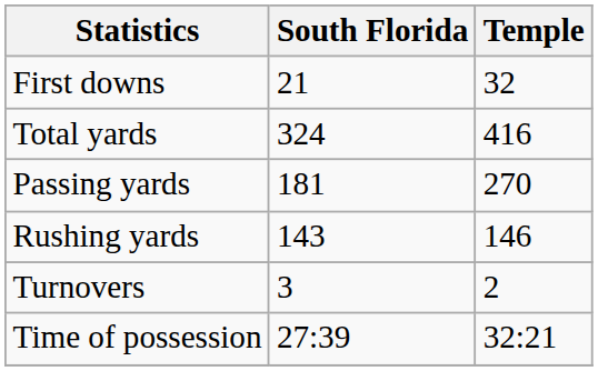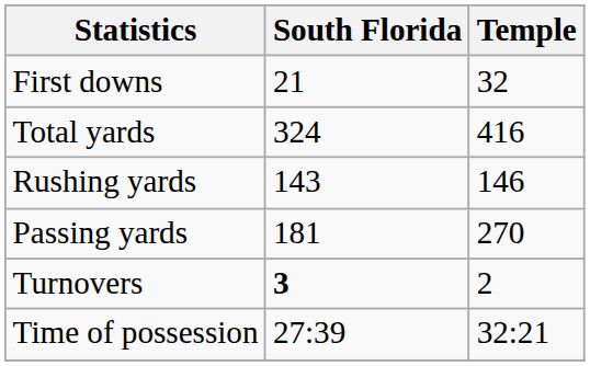 <table class="wikitable">
 <tr>
 <th>Statistics</th>
 <th>South Florida</th>
 <th>Temple</th>
 </tr>
 <tr>
 <td>First downs</td>
 <td>21</td>
 <td>32</td>
 </tr>
 <tr>
 <td>Total yards</td>
 <td>324</td>
 <td>416</td>
 </tr>
 <tr>
+<td>Rushing yards</td>
+<td>143</td>
+<td>146</td>
+</tr>
+<tr>
 <td>Passing yards</td>
 <td>181</td>
 <td>270</td>
 </tr>
 <tr>
-<td>Rushing yards</td>
-<td>143</td>
-<td>146</td>
-</tr>
-<tr>
 <td>Turnovers</td>
-<td>3</td>
+<td><strong>3</strong></td>
 <td>2</td>
 </tr>
 <tr>
 <td>Time of possession</td>
 <td>27:39</td>
 <td>32:21</td>
 </tr>
 <tr>
 </tr>
 </table>
